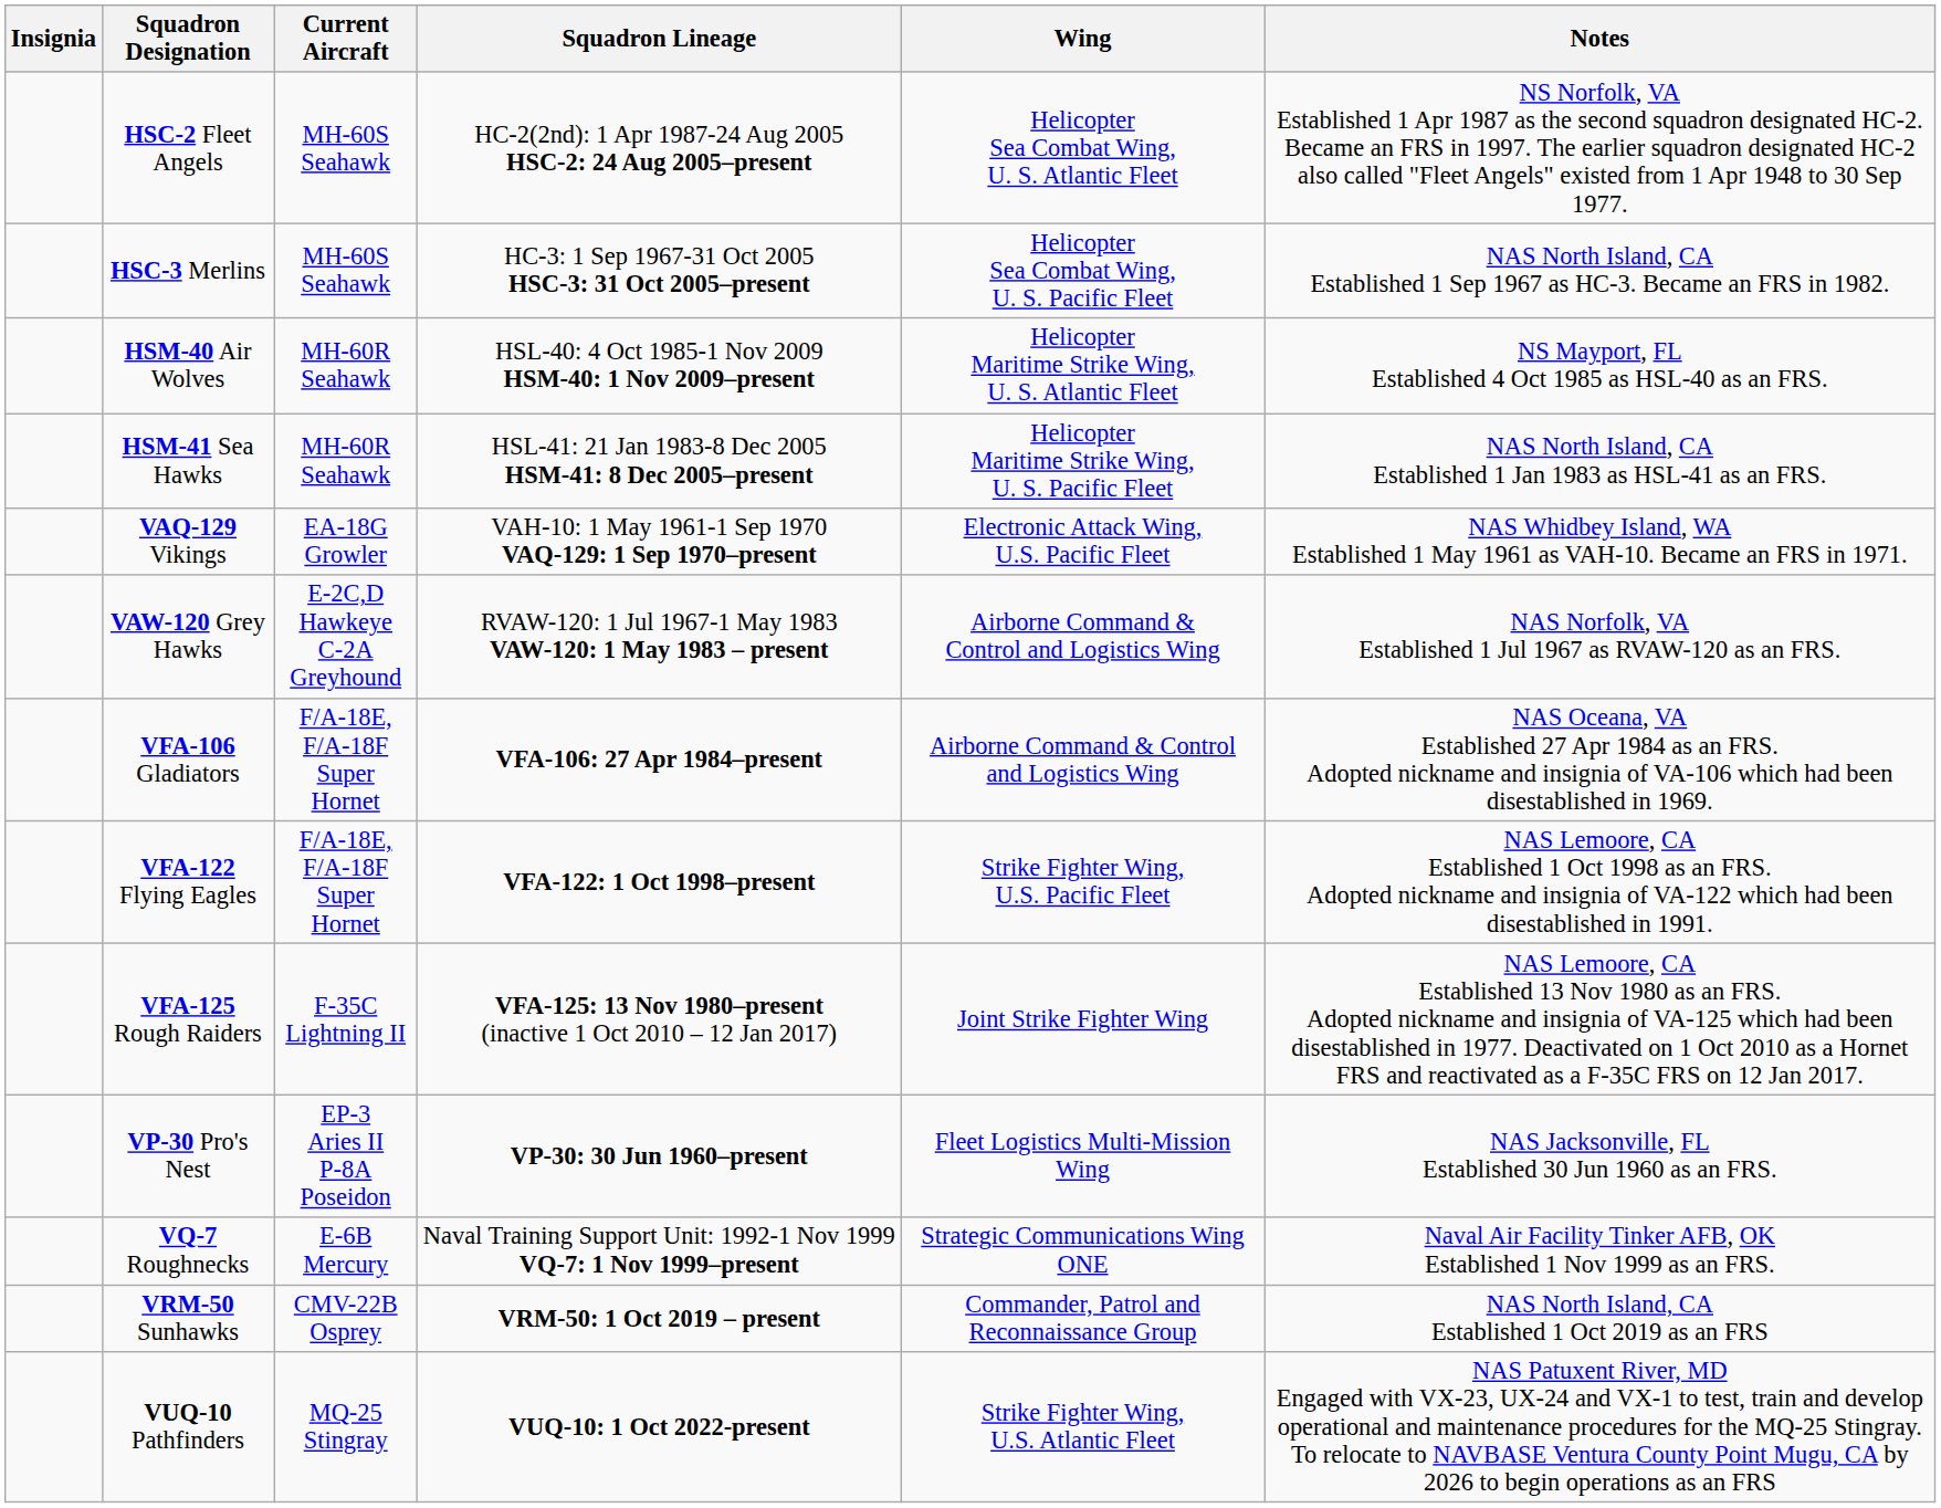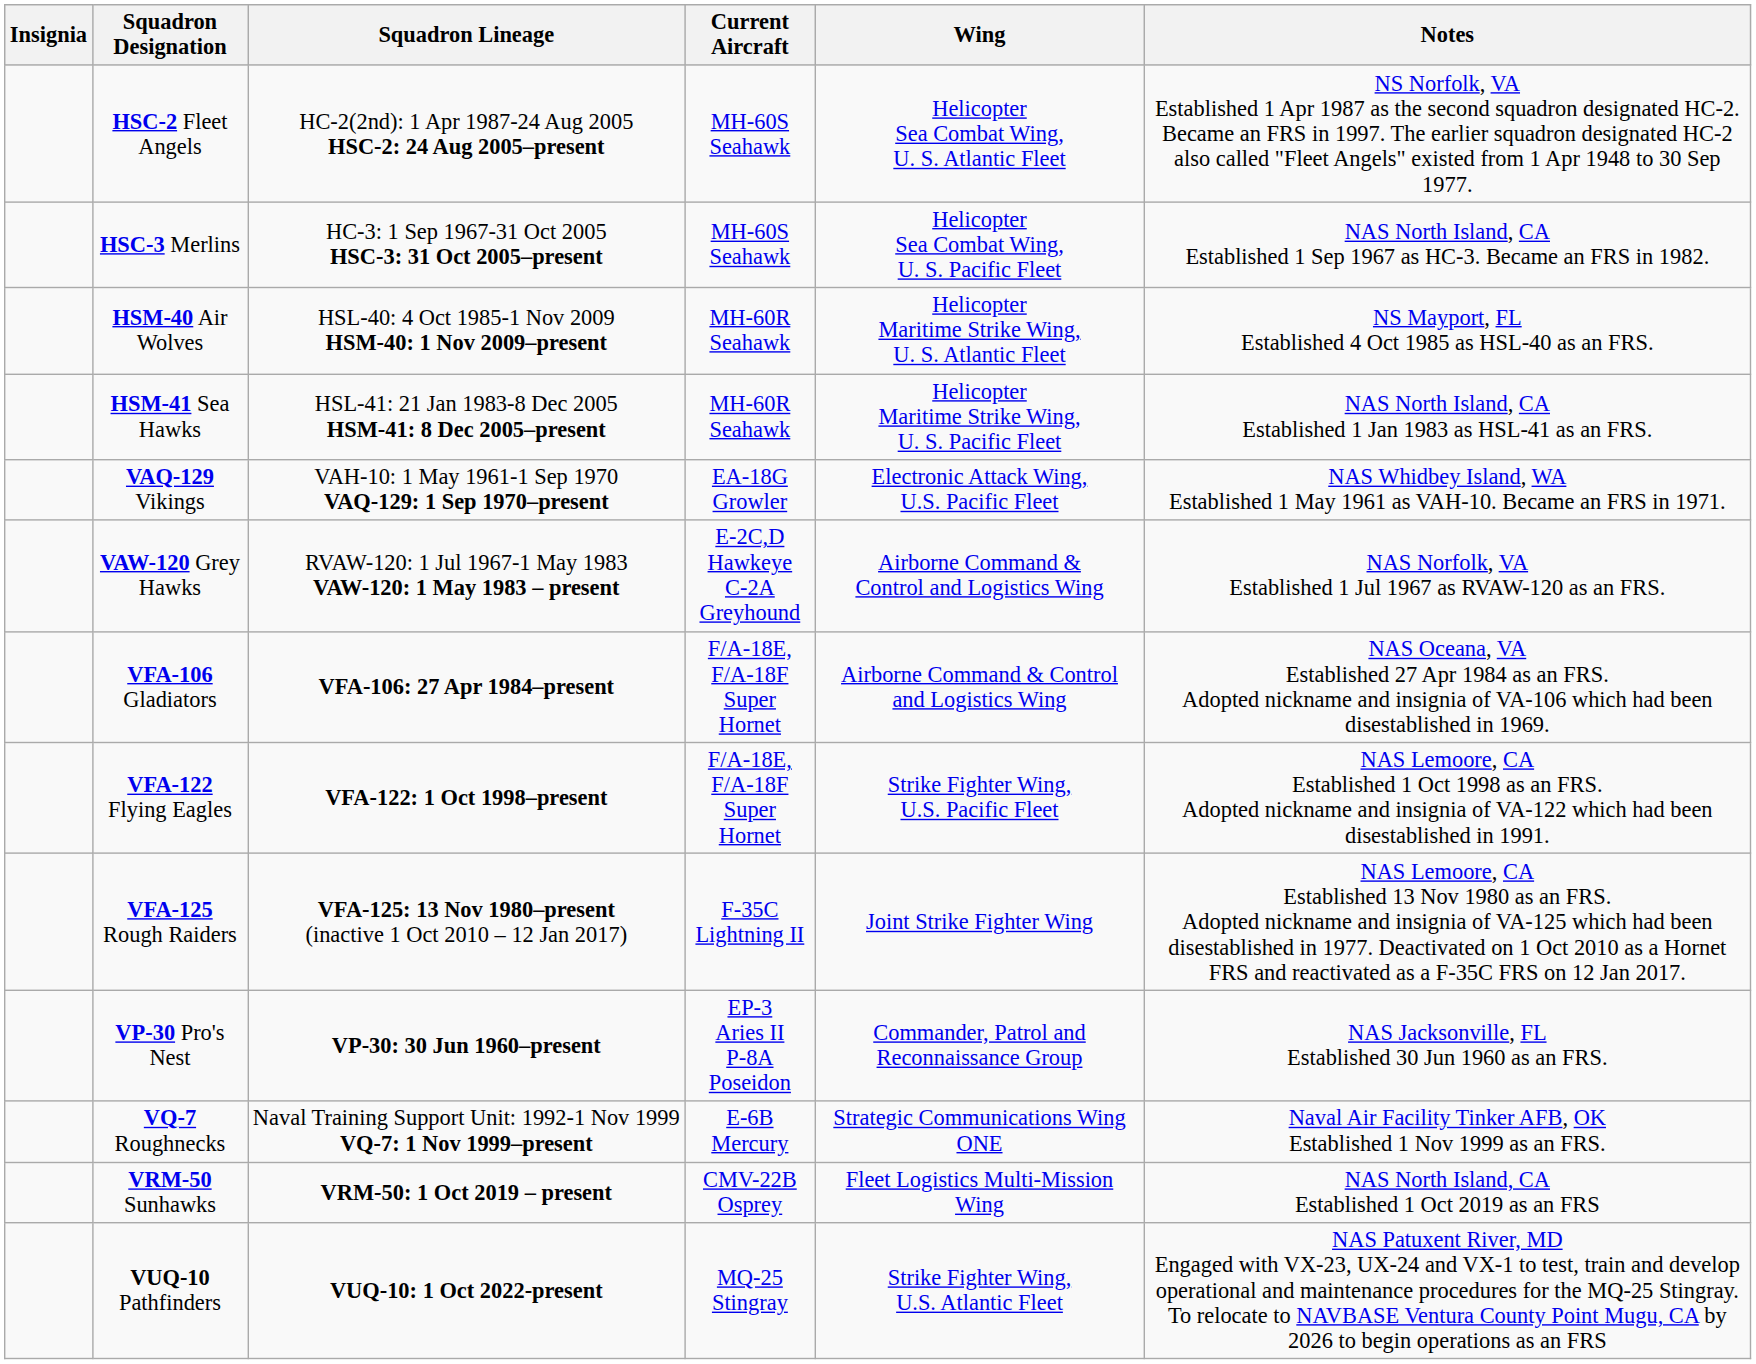 <table class="wikitable sortable" style="text-align:center;">
 <tr bgcolor="#CCCCCC">
 <th><strong>Insignia</strong></th>
 <th><strong>Squadron Designation</strong></th>
+<th><strong>Squadron Lineage</strong></th>
 <th><strong>Current Aircraft</strong></th>
-<th><strong>Squadron Lineage</strong></th>
 <th><strong>Wing</strong></th>
 <th><strong>Notes</strong></th>
 </tr>
 <tr>
 <td></td>
 <td><strong><a href='#'>HSC-2</a></strong> Fleet Angels</td>
+<td style="white-space: nowrap;">HC-2(2nd): 1 Apr 1987-24 Aug 2005<br><strong>HSC-2: 24 Aug 2005–present</strong></td>
 <td><a href='#'>MH-60S<br>Seahawk</a></td>
-<td style="white-space: nowrap;">HC-2(2nd): 1 Apr 1987-24 Aug 2005<br><strong>HSC-2: 24 Aug 2005–present</strong></td>
 <td><a href='#'>Helicopter<br>Sea Combat Wing,<br>U. S. Atlantic Fleet</a></td>
 <td><a href='#'>NS Norfolk</a>, <a href='#'>VA</a><br>Established 1 Apr 1987 as the second squadron designated HC-2. Became an FRS in 1997. The earlier squadron designated HC-2 also called "Fleet Angels" existed from 1 Apr 1948 to 30 Sep 1977.</td>
 </tr>
 <tr>
 <td></td>
 <td><strong><a href='#'>HSC-3</a></strong> Merlins</td>
+<td>HC-3: 1 Sep 1967-31 Oct 2005<br><strong>HSC-3: 31 Oct 2005–present</strong></td>
 <td><a href='#'>MH-60S<br>Seahawk</a></td>
-<td>HC-3: 1 Sep 1967-31 Oct 2005<br><strong>HSC-3: 31 Oct 2005–present</strong></td>
 <td><a href='#'>Helicopter<br>Sea Combat Wing,<br>U. S. Pacific Fleet</a></td>
 <td><a href='#'>NAS North Island</a>, <a href='#'>CA</a><br>Established 1 Sep 1967 as HC-3. Became an FRS in 1982.</td>
 </tr>
 <tr>
 <td></td>
 <td><strong><a href='#'>HSM-40</a></strong> Air Wolves</td>
+<td>HSL-40: 4 Oct 1985-1 Nov 2009<br><strong>HSM-40: 1 Nov 2009–present</strong></td>
 <td><a href='#'>MH-60R<br>Seahawk</a></td>
-<td>HSL-40: 4 Oct 1985-1 Nov 2009<br><strong>HSM-40: 1 Nov 2009–present</strong></td>
 <td><a href='#'>Helicopter<br>Maritime Strike Wing,<br>U. S. Atlantic Fleet</a></td>
 <td><a href='#'>NS Mayport</a>, <a href='#'>FL</a><br>Established 4 Oct 1985 as HSL-40 as an FRS.</td>
 </tr>
 <tr>
 <td></td>
 <td><strong><a href='#'>HSM-41</a></strong> Sea Hawks</td>
+<td>HSL-41: 21 Jan 1983-8 Dec 2005<br><strong>HSM-41: 8 Dec 2005–present</strong></td>
 <td><a href='#'>MH-60R<br>Seahawk</a></td>
-<td>HSL-41: 21 Jan 1983-8 Dec 2005<br><strong>HSM-41: 8 Dec 2005–present</strong></td>
 <td><a href='#'>Helicopter<br>Maritime Strike Wing,<br>U. S. Pacific Fleet</a></td>
 <td><a href='#'>NAS North Island</a>, <a href='#'>CA</a><br>Established 1 Jan 1983 as HSL-41 as an FRS.</td>
 </tr>
 <tr>
 <td></td>
 <td><strong><a href='#'>VAQ-129</a></strong> Vikings</td>
+<td>VAH-10: 1 May 1961-1 Sep 1970<br><strong>VAQ-129: 1 Sep 1970–present</strong></td>
 <td><a href='#'>EA-18G<br>Growler</a></td>
-<td>VAH-10: 1 May 1961-1 Sep 1970<br><strong>VAQ-129: 1 Sep 1970–present</strong></td>
 <td><a href='#'>Electronic Attack Wing,<br>U.S. Pacific Fleet</a></td>
 <td><a href='#'>NAS Whidbey Island</a>, <a href='#'>WA</a><br>Established 1 May 1961 as VAH-10. Became an FRS in 1971.</td>
 </tr>
 <tr>
 <td></td>
 <td><strong><a href='#'>VAW-120</a></strong> Grey Hawks</td>
+<td style="white-space: nowrap;">RVAW-120: 1 Jul 1967-1 May 1983<br><strong>VAW-120: 1 May 1983 – present</strong></td>
 <td style="white-space: nowrap;"><a href='#'>E-2C,D<br>Hawkeye</a><br><a href='#'>C-2A<br>Greyhound</a></td>
-<td style="white-space: nowrap;">RVAW-120: 1 Jul 1967-1 May 1983<br><strong>VAW-120: 1 May 1983 – present</strong></td>
 <td><a href='#'>Airborne Command &<br>Control and Logistics Wing</a></td>
 <td><a href='#'>NAS Norfolk</a>, <a href='#'>VA</a><br>Established 1 Jul 1967 as RVAW-120 as an FRS.</td>
 </tr>
 <tr>
 <td></td>
 <td><strong><a href='#'>VFA-106</a></strong> Gladiators</td>
+<td><strong>VFA-106: 27 Apr 1984–present</strong></td>
 <td><a href='#'>F/A-18E, F/A-18F<br>Super Hornet</a></td>
-<td><strong>VFA-106: 27 Apr 1984–present</strong></td>
 <td style="white-space: nowrap;"><a href='#'>Airborne Command & Control<br>and Logistics Wing</a></td>
 <td><a href='#'>NAS Oceana</a>, <a href='#'>VA</a><br>Established 27 Apr 1984 as an FRS.<br>Adopted nickname and insignia of VA-106 which had been disestablished in 1969.</td>
 </tr>
 <tr>
 <td></td>
 <td><strong><a href='#'>VFA-122</a></strong> Flying Eagles</td>
+<td><strong>VFA-122: 1 Oct 1998–present</strong></td>
 <td><a href='#'>F/A-18E, F/A-18F<br>Super Hornet</a></td>
-<td><strong>VFA-122: 1 Oct 1998–present</strong></td>
 <td><a href='#'>Strike Fighter Wing,<br>U.S. Pacific Fleet</a></td>
 <td><a href='#'>NAS Lemoore</a>, <a href='#'>CA</a><br>Established 1 Oct 1998 as an FRS.<br>Adopted nickname and insignia of VA-122 which had been disestablished in 1991.</td>
 </tr>
 <tr>
 <td></td>
 <td><strong><a href='#'>VFA-125</a></strong> Rough Raiders</td>
+<td><strong>VFA-125: 13 Nov 1980–present</strong><br>(inactive 1 Oct 2010 – 12 Jan 2017)</td>
 <td><a href='#'>F-35C<br>Lightning II</a></td>
-<td><strong>VFA-125: 13 Nov 1980–present</strong><br>(inactive 1 Oct 2010 – 12 Jan 2017)</td>
 <td><a href='#'>Joint Strike Fighter Wing</a></td>
 <td><a href='#'>NAS Lemoore</a>, <a href='#'>CA</a><br>Established 13 Nov 1980 as an FRS.<br>Adopted nickname and insignia of VA-125 which had been disestablished in 1977. Deactivated on 1 Oct 2010 as a Hornet FRS and reactivated as a F-35C FRS on 12 Jan 2017.</td>
 </tr>
 <tr>
 <td></td>
 <td><strong><a href='#'>VP-30</a></strong> Pro's Nest</td>
+<td><strong>VP-30: 30 Jun 1960–present</strong></td>
 <td><a href='#'>EP-3<br>Aries II</a><br><a href='#'>P-8A<br>Poseidon</a></td>
-<td><strong>VP-30: 30 Jun 1960–present</strong></td>
-<td><a href='#'>Fleet Logistics Multi-Mission Wing</a></td>
+<td><a href='#'>Commander, Patrol and Reconnaissance Group</a></td>
 <td><a href='#'>NAS Jacksonville</a>, <a href='#'>FL</a><br>Established 30 Jun 1960 as an FRS.</td>
 </tr>
 <tr>
 <td></td>
 <td><strong><a href='#'>VQ-7</a></strong> Roughnecks</td>
+<td style="white-space: nowrap;">Naval Training Support Unit: 1992-1 Nov 1999<br><strong>VQ-7: 1 Nov 1999–present</strong></td>
 <td><a href='#'>E-6B<br>Mercury</a></td>
-<td style="white-space: nowrap;">Naval Training Support Unit: 1992-1 Nov 1999<br><strong>VQ-7: 1 Nov 1999–present</strong></td>
 <td><a href='#'>Strategic Communications Wing ONE</a></td>
 <td><a href='#'>Naval Air Facility Tinker AFB</a>, <a href='#'>OK</a><br>Established 1 Nov 1999 as an FRS.</td>
 </tr>
 <tr>
 <td></td>
 <td><strong><a href='#'>VRM-50</a></strong> Sunhawks</td>
+<td style="white-space: nowrap;"><strong>VRM-50: 1 Oct 2019 – present</strong></td>
 <td><a href='#'>CMV-22B<br>Osprey</a></td>
-<td style="white-space: nowrap;"><strong>VRM-50: 1 Oct 2019 – present</strong></td>
-<td><a href='#'>Commander, Patrol and Reconnaissance Group</a></td>
+<td><a href='#'>Fleet Logistics Multi-Mission Wing</a></td>
 <td><a href='#'>NAS North Island, CA</a><br>Established 1 Oct 2019 as an FRS</td>
 </tr>
 <tr>
 <td></td>
 <td><strong>VUQ-10</strong> Pathfinders</td>
+<td style="white-space: nowrap;"><strong>VUQ-10: 1 Oct 2022-present</strong></td>
 <td><a href='#'>MQ-25 Stingray</a></td>
-<td style="white-space: nowrap;"><strong>VUQ-10: 1 Oct 2022-present</strong></td>
 <td><a href='#'>Strike Fighter Wing,<br>U.S. Atlantic Fleet</a></td>
 <td><a href='#'>NAS Patuxent River, MD</a><br>Engaged with VX-23, UX-24 and VX-1 to test, train and develop operational and maintenance procedures for the MQ-25 Stingray.<br>To relocate to <a href='#'>NAVBASE Ventura County Point Mugu, CA</a> by 2026 to begin operations as an FRS</td>
 </tr>
 </table>
